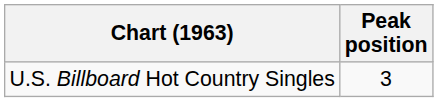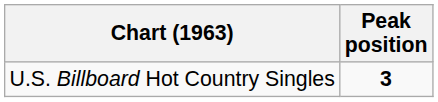 <table class="wikitable sortable">
 <tr>
 <th align="left">Chart (1963)</th>
 <th align="center">Peak<br>position</th>
 </tr>
 <tr>
 <td align="left">U.S. <em>Billboard</em> Hot Country Singles</td>
-<td align="center">3</td>
+<td align="center"><strong>3</strong></td>
 </tr>
 </table>
